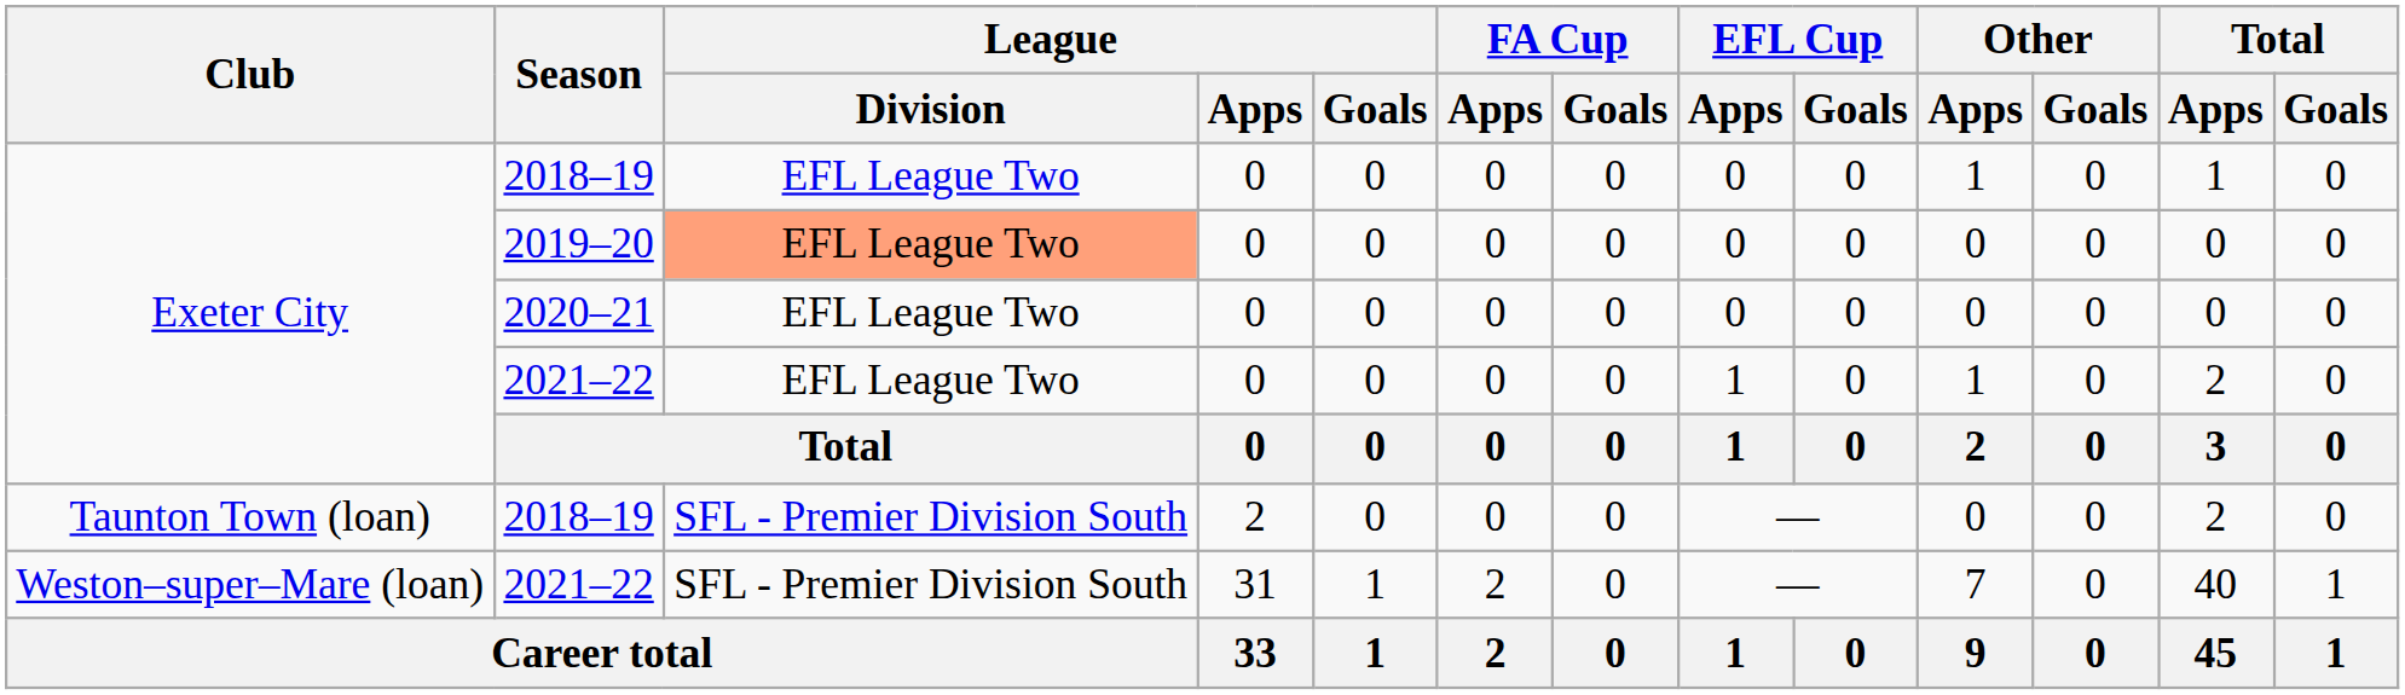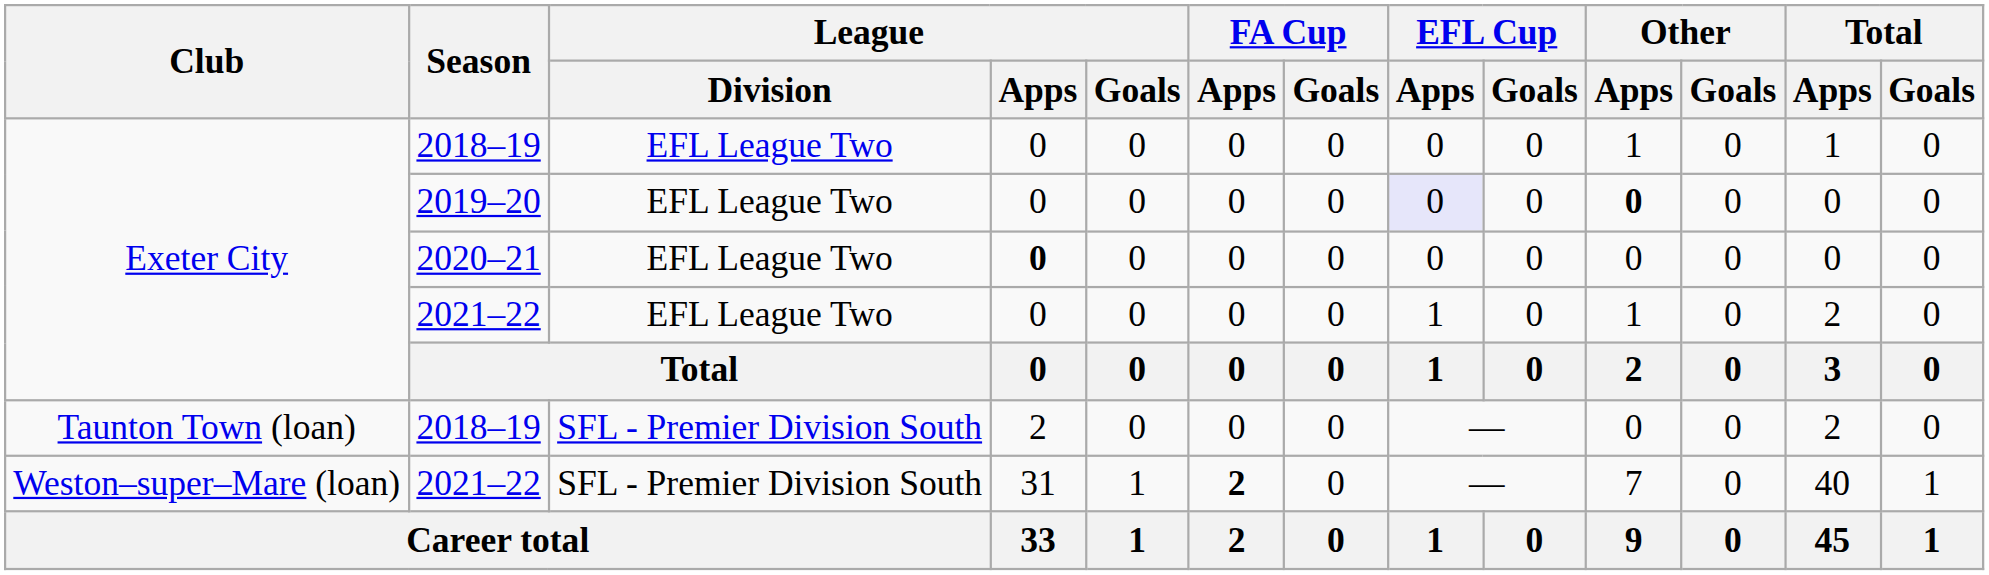 <table class="wikitable" style="text-align:center;">
 <tr>
 <th rowspan="2">Club</th>
 <th rowspan="2">Season</th>
 <th colspan="3">League</th>
 <th colspan="2"><a href='#'>FA Cup</a></th>
 <th colspan="2"><a href='#'>EFL Cup</a></th>
 <th colspan="2">Other</th>
 <th colspan="2">Total</th>
 </tr>
 <tr>
 <th>Division</th>
 <th>Apps</th>
 <th>Goals</th>
 <th>Apps</th>
 <th>Goals</th>
 <th>Apps</th>
 <th>Goals</th>
 <th>Apps</th>
 <th>Goals</th>
 <th>Apps</th>
 <th>Goals</th>
 </tr>
 <tr>
 <td rowspan=5><a href='#'>Exeter City</a></td>
 <td><a href='#'>2018–19</a></td>
 <td><a href='#'>EFL League Two</a></td>
 <td>0</td>
 <td>0</td>
 <td>0</td>
 <td>0</td>
 <td>0</td>
 <td>0</td>
 <td>1</td>
 <td>0</td>
 <td>1</td>
 <td>0</td>
 </tr>
 <tr>
 <td><a href='#'>2019–20</a></td>
-<td style="background: lightsalmon;">EFL League Two</td>
+<td>EFL League Two</td>
 <td>0</td>
 <td>0</td>
 <td>0</td>
 <td>0</td>
+<td style="background: lavender;">0</td>
 <td>0</td>
-<td>0</td>
-<td>0</td>
+<td><strong>0</strong></td>
 <td>0</td>
 <td>0</td>
 <td>0</td>
 </tr>
 <tr>
 <td><a href='#'>2020–21</a></td>
 <td>EFL League Two</td>
-<td>0</td>
+<td><strong>0</strong></td>
 <td>0</td>
 <td>0</td>
 <td>0</td>
 <td>0</td>
 <td>0</td>
 <td>0</td>
 <td>0</td>
 <td>0</td>
 <td>0</td>
 </tr>
 <tr>
 <td><a href='#'>2021–22</a></td>
 <td>EFL League Two</td>
 <td>0</td>
 <td>0</td>
 <td>0</td>
 <td>0</td>
 <td>1</td>
 <td>0</td>
 <td>1</td>
 <td>0</td>
 <td>2</td>
 <td>0</td>
 </tr>
 <tr>
 <th colspan="2">Total</th>
 <th>0</th>
 <th>0</th>
 <th>0</th>
 <th>0</th>
 <th>1</th>
 <th>0</th>
 <th>2</th>
 <th>0</th>
 <th>3</th>
 <th>0</th>
 </tr>
 <tr>
 <td><a href='#'>Taunton Town</a> (loan)</td>
 <td><a href='#'>2018–19</a></td>
 <td><a href='#'>SFL - Premier Division South</a></td>
 <td>2</td>
 <td>0</td>
 <td>0</td>
 <td>0</td>
 <td colspan="2">—</td>
 <td>0</td>
 <td>0</td>
 <td>2</td>
 <td>0</td>
 </tr>
 <tr>
 <td><a href='#'>Weston–super–Mare</a> (loan)</td>
 <td><a href='#'>2021–22</a></td>
 <td>SFL - Premier Division South</td>
 <td>31</td>
 <td>1</td>
-<td>2</td>
+<td><strong>2</strong></td>
 <td>0</td>
 <td colspan="2">—</td>
 <td>7</td>
 <td>0</td>
 <td>40</td>
 <td>1</td>
 </tr>
 <tr>
 <th colspan="3">Career total</th>
 <th>33</th>
 <th>1</th>
 <th>2</th>
 <th>0</th>
 <th>1</th>
 <th>0</th>
 <th>9</th>
 <th>0</th>
 <th>45</th>
 <th>1</th>
 </tr>
 </table>
